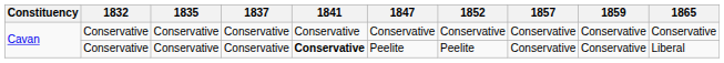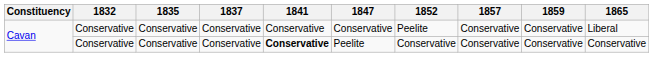 <table class=wikitable sortable>
 <tr>
 <th>Constituency</th>
 <th>1832</th>
 <th>1835</th>
 <th>1837</th>
 <th>1841</th>
 <th>1847</th>
 <th>1852</th>
 <th>1857</th>
 <th>1859</th>
 <th>1865</th>
 </tr>
 <tr>
 <td rowspan=2><a href='#'>Cavan</a></td>
 <td bgcolor=>Conservative</td>
 <td bgcolor=>Conservative</td>
 <td bgcolor=>Conservative</td>
 <td bgcolor=>Conservative</td>
 <td bgcolor=>Conservative</td>
+<td bgcolor=>Peelite</td>
 <td bgcolor=>Conservative</td>
 <td bgcolor=>Conservative</td>
-<td bgcolor=>Conservative</td>
-<td bgcolor=>Conservative</td>
+<td bgcolor=>Liberal</td>
 </tr>
 <tr>
 <td bgcolor=>Conservative</td>
 <td bgcolor=>Conservative</td>
 <td bgcolor=>Conservative</td>
 <td bgcolor=><strong>Conservative</strong></td>
 <td bgcolor=>Peelite</td>
-<td bgcolor=>Peelite</td>
 <td bgcolor=>Conservative</td>
 <td bgcolor=>Conservative</td>
-<td bgcolor=>Liberal</td>
+<td bgcolor=>Conservative</td>
+<td bgcolor=>Conservative</td>
 </tr>
 </table>
